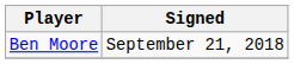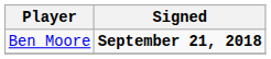 <table class="wikitable sortable sortable" style="text-align: center">
 <tr>
 <th>Player</th>
 <th>Signed</th>
 </tr>
 <tr>
 <td><a href='#'>Ben Moore</a></td>
-<td>September 21, 2018</td>
+<td><strong>September 21, 2018</strong></td>
 </tr>
 <tr>
 </tr>
 </table>
